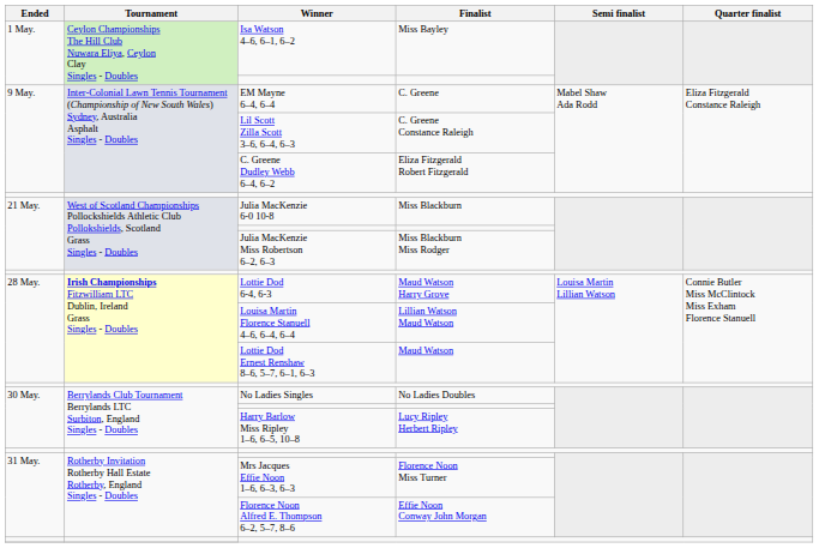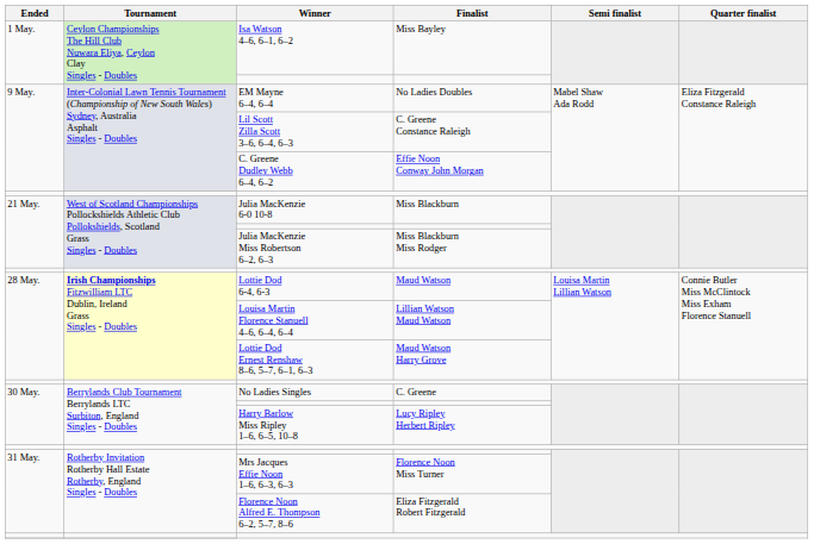 <table class="wikitable" style="font-size:85%;">
 <tr>
 <th width="75">Ended</th>
 <th width="230">Tournament</th>
 <th width="210">Winner</th>
 <th width="210">Finalist</th>
 <th width="170">Semi finalist</th>
 <th width="170">Quarter finalist</th>
 </tr>
 <tr valign=top>
 <td rowspan=2>1 May.</td>
 <td style="background:#d0f0c0" rowspan=2><a href='#'>Ceylon Championships</a><br><a href='#'>The Hill Club</a><br><a href='#'>Nuwara Eliya</a>, <a href='#'>Ceylon</a><br>Clay<br><a href='#'>Singles</a> - <a href='#'>Doubles</a></td>
 <td> <a href='#'>Isa Watson</a><br>4–6, 6–1, 6–2</td>
 <td> Miss Bayley</td>
 <td style="background:#ededed;" rowspan=2></td>
 <td style="background:#ededed;" rowspan=2></td>
 </tr>
 <tr valign=top>
 <td></td>
 <td></td>
 </tr>
 <tr valign=top>
 <td rowspan=3>9 May.</td>
 <td style="background:#dfe2e9" rowspan=3><a href='#'>Inter-Colonial Lawn Tennis Tournament</a><br> (<em>Championship of New South Wales</em>)<br><a href='#'>Sydney</a>, Australia<br>Asphalt<br><a href='#'>Singles</a> - <a href='#'>Doubles</a></td>
 <td> EM Mayne<br>6–4, 6–4</td>
-<td> C. Greene</td>
+<td>No Ladies Doubles</td>
 <td rowspan=3> Mabel Shaw <br> Ada Rodd</td>
 <td rowspan=3> Eliza Fitzgerald<br> Constance Raleigh</td>
 </tr>
 <tr valign=top>
 <td> <a href='#'>Lil Scott</a><br> <a href='#'>Zilla Scott</a><br>3–6, 6–4, 6–3</td>
 <td> C. Greene<br> Constance Raleigh</td>
 </tr>
 <tr valign=top>
 <td> C. Greene<br> <a href='#'>Dudley Webb</a><br>6–4, 6–2</td>
-<td> Eliza Fitzgerald<br> Robert Fitzgerald</td>
+<td> <a href='#'>Effie Noon</a><br> <a href='#'>Conway John Morgan</a></td>
 </tr>
 <tr valign=top>
 <td></td>
 <td></td>
 </tr>
 <tr valign=top>
 <td rowspan=3>21 May.</td>
 <td style="background:#dfe2e9" rowspan=3><a href='#'>West of Scotland Championships</a><br>Pollockshields Athletic Club<br><a href='#'>Pollokshields</a>, Scotland<br>Grass<br><a href='#'>Singles</a> - <a href='#'>Doubles</a></td>
 <td> Julia MacKenzie<br>6-0 10-8</td>
 <td> Miss Blackburn</td>
 <td style="background:#ededed;" rowspan=3></td>
 <td style="background:#ededed;" rowspan=3></td>
 </tr>
 <tr valign=top>
 <td></td>
 <td></td>
 </tr>
 <tr valign=top>
 <td> Julia MacKenzie<br> Miss Robertson<br>6–2, 6–3</td>
 <td> Miss Blackburn<br> Miss Rodger</td>
 </tr>
 <tr valign=top>
 <td></td>
 <td></td>
 </tr>
 <tr valign=top>
 <td rowspan=3>28 May.</td>
 <td style="background:#ffc;" rowspan=3><strong><a href='#'>Irish Championships</a></strong><br><a href='#'>Fitzwilliam LTC</a><br>Dublin, Ireland<br>Grass<br><a href='#'>Singles</a> - <a href='#'>Doubles</a></td>
 <td> <a href='#'>Lottie Dod</a><br>6-4, 6-3</td>
-<td> <a href='#'>Maud Watson</a><br> <a href='#'>Harry Grove</a></td>
+<td> <a href='#'>Maud Watson</a></td>
 <td rowspan=3> <a href='#'>Louisa Martin</a> <br> <a href='#'>Lillian Watson</a></td>
 <td rowspan=3> Connie Butler <br> Miss McClintock<br> Miss Exham<br> Florence Stanuell</td>
 </tr>
 <tr valign=top>
 <td> <a href='#'>Louisa Martin</a><br> <a href='#'>Florence Stanuell</a><br>4–6, 6–4, 6–4</td>
 <td> <a href='#'>Lillian Watson</a><br> <a href='#'>Maud Watson</a></td>
 </tr>
 <tr valign=top>
 <td> <a href='#'>Lottie Dod</a><br> <a href='#'>Ernest Renshaw</a><br>8–6, 5–7, 6–1, 6–3</td>
-<td> <a href='#'>Maud Watson</a></td>
+<td> <a href='#'>Maud Watson</a><br> <a href='#'>Harry Grove</a></td>
 </tr>
 <tr valign=top>
 <td></td>
 <td></td>
 </tr>
 <tr valign=top>
 <td rowspan=3>30 May.</td>
 <td rowspan=3><a href='#'>Berrylands Club Tournament</a><br>Berrylands LTC<br><a href='#'>Surbiton</a>, England<br><a href='#'>Singles</a> - <a href='#'>Doubles</a></td>
 <td>No Ladies Singles</td>
-<td>No Ladies Doubles</td>
+<td> C. Greene</td>
 <td style="background:#ededed;" rowspan=3></td>
 <td style="background:#ededed;" rowspan=3></td>
 </tr>
 <tr valign=top>
 <td></td>
 <td></td>
 </tr>
 <tr valign=top>
 <td> <a href='#'>Harry Barlow</a><br> Miss Ripley<br>1–6, 6–5, 10–8</td>
 <td> <a href='#'>Lucy Ripley</a><br> <a href='#'>Herbert Ripley</a></td>
 </tr>
 <tr valign=top>
 <td></td>
 <td></td>
 </tr>
 <tr valign=top>
 <td rowspan=3>31 May.</td>
 <td rowspan=3><a href='#'>Rotherby Invitation</a><br>Rotherby Hall Estate<br><a href='#'>Rotherby</a>, England<br><a href='#'>Singles</a> - <a href='#'>Doubles</a></td>
 <td></td>
 <td></td>
 <td style="background:#ededed;" rowspan=3></td>
 <td style="background:#ededed;" rowspan=3></td>
 </tr>
 <tr valign=top>
 <td> Mrs Jacques<br> <a href='#'>Effie Noon</a><br>1–6, 6–3, 6–3</td>
 <td> <a href='#'>Florence Noon</a><br> Miss Turner</td>
 </tr>
 <tr valign=top>
 <td> <a href='#'>Florence Noon</a><br> <a href='#'>Alfred E. Thompson</a><br>6–2, 5–7, 8–6</td>
-<td> <a href='#'>Effie Noon</a><br> <a href='#'>Conway John Morgan</a></td>
+<td> Eliza Fitzgerald<br> Robert Fitzgerald</td>
 </tr>
 <tr valign=top>
 <td></td>
 <td></td>
 </tr>
 <tr valign=top>
 </tr>
 </table>
